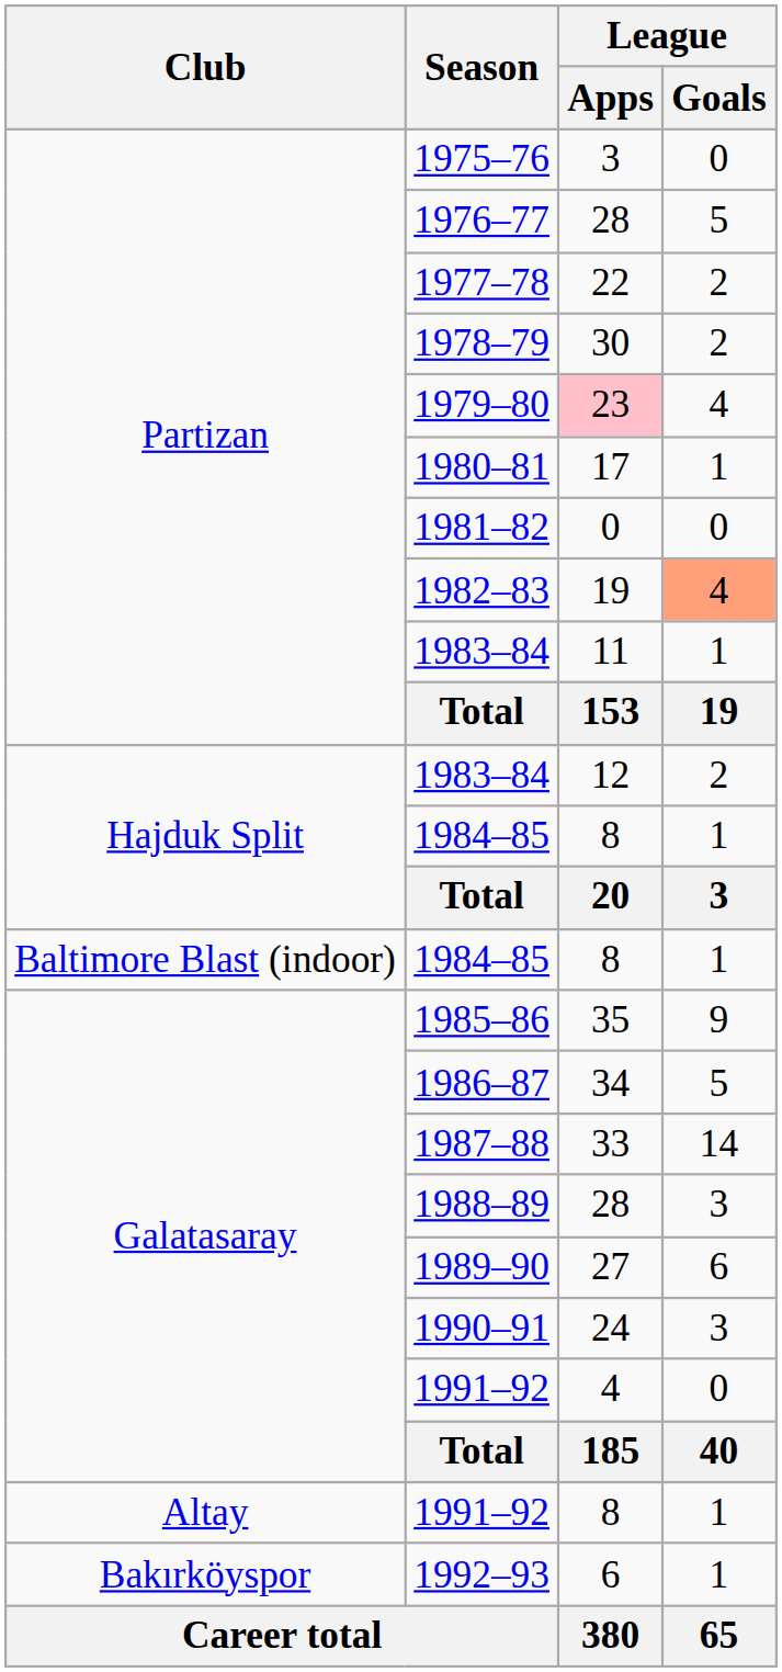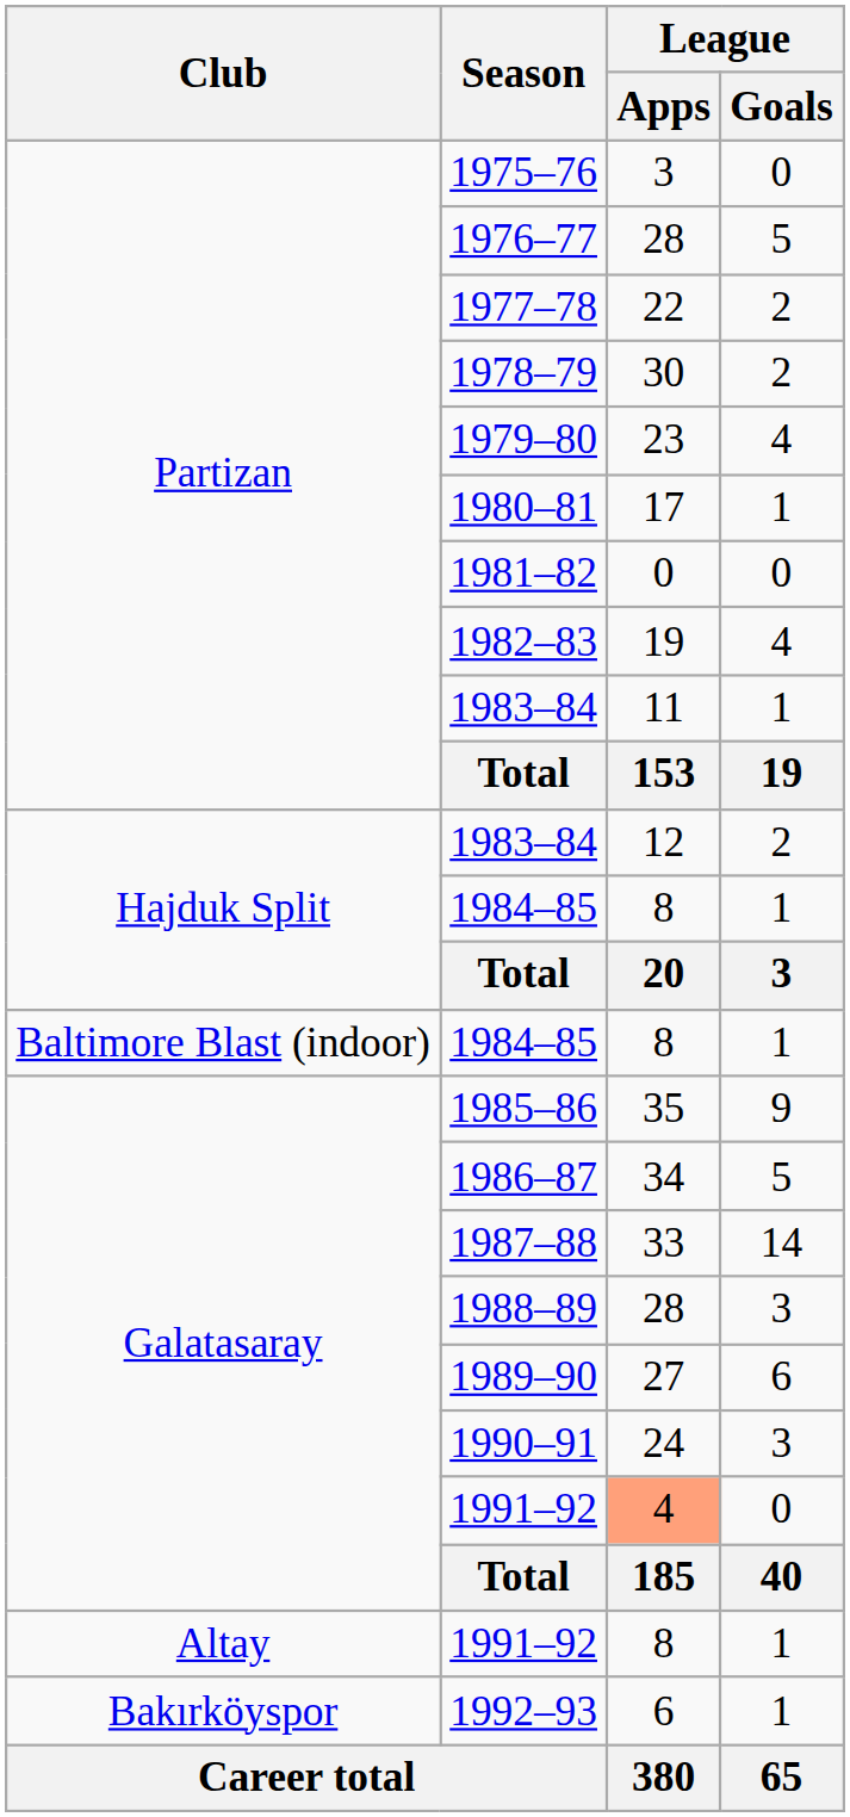 <table class="wikitable" style="text-align:center">
 <tr>
 <th rowspan="2">Club</th>
 <th rowspan="2">Season</th>
 <th colspan="2">League</th>
 </tr>
 <tr>
 <th>Apps</th>
 <th>Goals</th>
 </tr>
 <tr>
 <td rowspan="10"><a href='#'>Partizan</a></td>
 <td><a href='#'>1975–76</a></td>
 <td>3</td>
 <td>0</td>
 </tr>
 <tr>
 <td><a href='#'>1976–77</a></td>
 <td>28</td>
 <td>5</td>
 </tr>
 <tr>
 <td><a href='#'>1977–78</a></td>
 <td>22</td>
 <td>2</td>
 </tr>
 <tr>
 <td><a href='#'>1978–79</a></td>
 <td>30</td>
 <td>2</td>
 </tr>
 <tr>
 <td><a href='#'>1979–80</a></td>
-<td style="background: pink;">23</td>
+<td>23</td>
 <td>4</td>
 </tr>
 <tr>
 <td><a href='#'>1980–81</a></td>
 <td>17</td>
 <td>1</td>
 </tr>
 <tr>
 <td><a href='#'>1981–82</a></td>
 <td>0</td>
 <td>0</td>
 </tr>
 <tr>
 <td><a href='#'>1982–83</a></td>
 <td>19</td>
-<td style="background: lightsalmon;">4</td>
+<td>4</td>
 </tr>
 <tr>
 <td><a href='#'>1983–84</a></td>
 <td>11</td>
 <td>1</td>
 </tr>
 <tr>
 <th>Total</th>
 <th>153</th>
 <th>19</th>
 </tr>
 <tr>
 <td rowspan="3"><a href='#'>Hajduk Split</a></td>
 <td><a href='#'>1983–84</a></td>
 <td>12</td>
 <td>2</td>
 </tr>
 <tr>
 <td><a href='#'>1984–85</a></td>
 <td>8</td>
 <td>1</td>
 </tr>
 <tr>
 <th>Total</th>
 <th>20</th>
 <th>3</th>
 </tr>
 <tr>
 <td><a href='#'>Baltimore Blast</a> (indoor)</td>
 <td><a href='#'>1984–85</a></td>
 <td>8</td>
 <td>1</td>
 </tr>
 <tr>
 <td rowspan="8"><a href='#'>Galatasaray</a></td>
 <td><a href='#'>1985–86</a></td>
 <td>35</td>
 <td>9</td>
 </tr>
 <tr>
 <td><a href='#'>1986–87</a></td>
 <td>34</td>
 <td>5</td>
 </tr>
 <tr>
 <td><a href='#'>1987–88</a></td>
 <td>33</td>
 <td>14</td>
 </tr>
 <tr>
 <td><a href='#'>1988–89</a></td>
 <td>28</td>
 <td>3</td>
 </tr>
 <tr>
 <td><a href='#'>1989–90</a></td>
 <td>27</td>
 <td>6</td>
 </tr>
 <tr>
 <td><a href='#'>1990–91</a></td>
 <td>24</td>
 <td>3</td>
 </tr>
 <tr>
 <td><a href='#'>1991–92</a></td>
-<td>4</td>
+<td style="background: lightsalmon;">4</td>
 <td>0</td>
 </tr>
 <tr>
 <th>Total</th>
 <th>185</th>
 <th>40</th>
 </tr>
 <tr>
 <td><a href='#'>Altay</a></td>
 <td><a href='#'>1991–92</a></td>
 <td>8</td>
 <td>1</td>
 </tr>
 <tr>
 <td><a href='#'>Bakırköyspor</a></td>
 <td><a href='#'>1992–93</a></td>
 <td>6</td>
 <td>1</td>
 </tr>
 <tr>
 <th colspan="2">Career total</th>
 <th>380</th>
 <th>65</th>
 </tr>
 </table>
